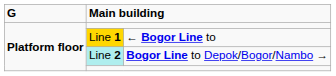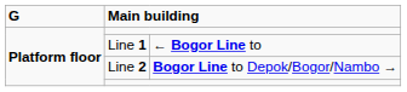 <table class="wikitable">
 <tr>
 <td><strong>G</strong></td>
 <td colspan="2"><strong>Main building</strong></td>
 </tr>
 <tr>
 <td rowspan="4"><strong>Platform floor</strong></td>
 <td colspan="2"></td>
 </tr>
 <tr>
-<td style="background: gold;">Line <strong>1</strong></td>
+<td>Line <strong>1</strong></td>
 <td>←   <strong><a href='#'>Bogor Line</a></strong> to </td>
 </tr>
 <tr>
-<td style="background: paleturquoise;">Line <strong>2</strong></td>
+<td>Line <strong>2</strong></td>
 <td> <strong><a href='#'>Bogor Line</a></strong> to <a href='#'>Depok</a>/<a href='#'>Bogor</a>/<a href='#'>Nambo</a>  →</td>
 </tr>
 <tr>
 <td colspan="2"></td>
 </tr>
 </table>
